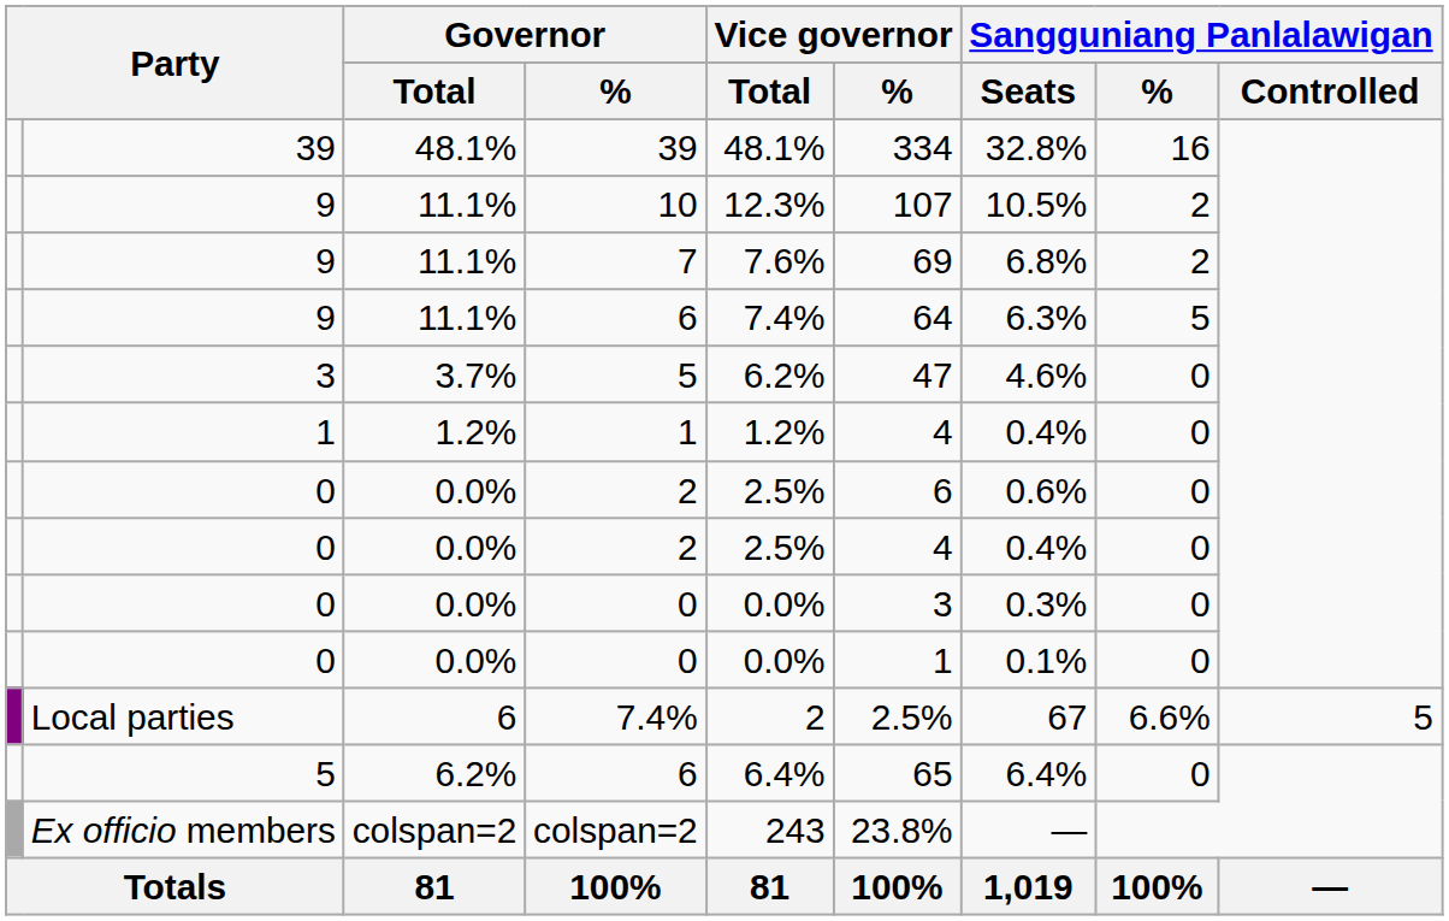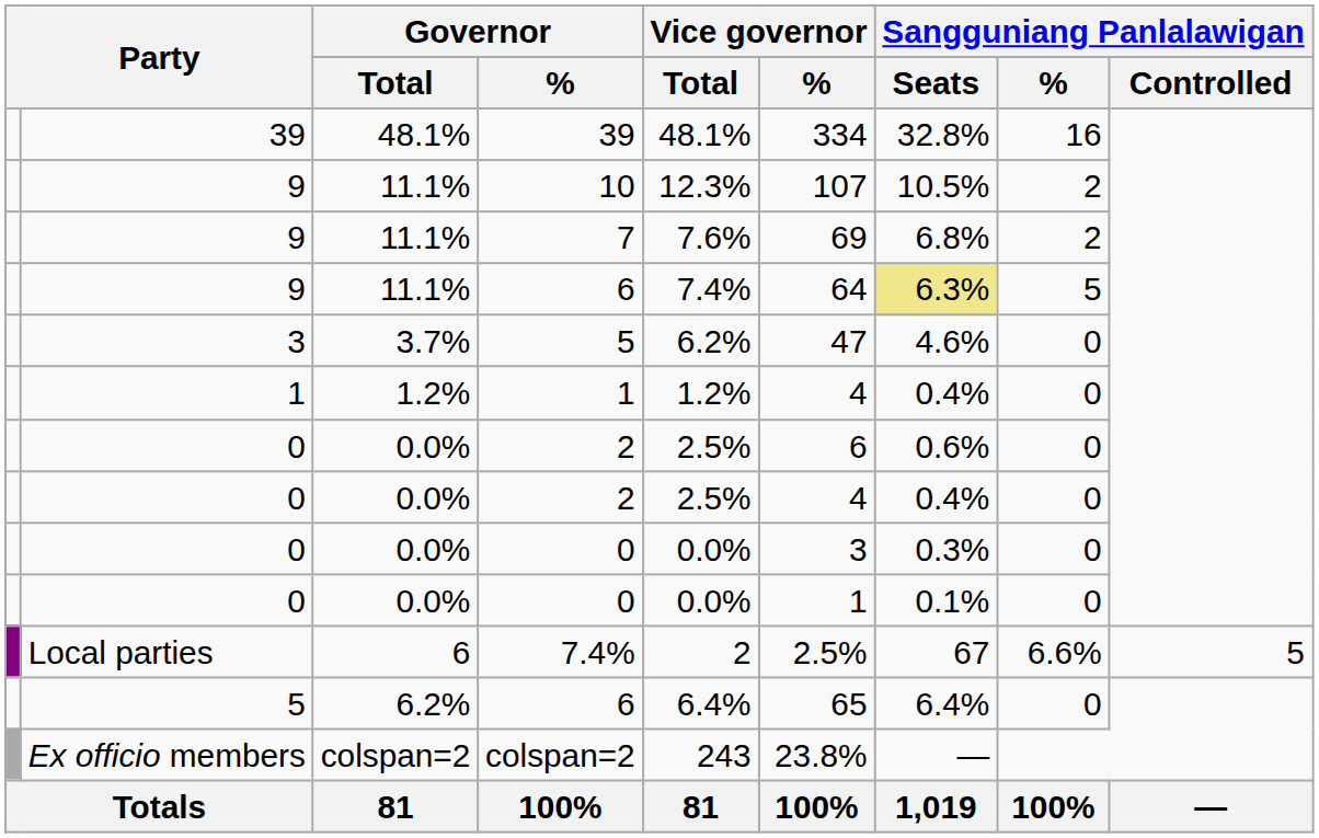 <table class=wikitable style="text-align:right; font-size:95%">
 <tr>
 <th rowspan=2 colspan=2>Party</th>
 <th colspan=2>Governor</th>
 <th colspan=2>Vice governor</th>
 <th colspan=3><a href='#'>Sangguniang Panlalawigan</a></th>
 </tr>
 <tr>
 <th>Total</th>
 <th>%</th>
 <th>Total</th>
 <th>%</th>
 <th>Seats</th>
 <th>%</th>
 <th>Controlled</th>
 </tr>
 <tr>
 <td></td>
 <td>39</td>
 <td>48.1%</td>
 <td>39</td>
 <td>48.1%</td>
 <td>334</td>
 <td>32.8%</td>
 <td>16</td>
 </tr>
 <tr>
 <td></td>
 <td>9</td>
 <td>11.1%</td>
 <td>10</td>
 <td>12.3%</td>
 <td>107</td>
 <td>10.5%</td>
 <td>2</td>
 </tr>
 <tr>
 <td></td>
 <td>9</td>
 <td>11.1%</td>
 <td>7</td>
 <td>7.6%</td>
 <td>69</td>
 <td>6.8%</td>
 <td>2</td>
 </tr>
 <tr>
 <td></td>
 <td>9</td>
 <td>11.1%</td>
 <td>6</td>
 <td>7.4%</td>
 <td>64</td>
-<td>6.3%</td>
+<td style="background: khaki;">6.3%</td>
 <td>5</td>
 </tr>
 <tr>
 <td></td>
 <td>3</td>
 <td>3.7%</td>
 <td>5</td>
 <td>6.2%</td>
 <td>47</td>
 <td>4.6%</td>
 <td>0</td>
 </tr>
 <tr>
 <td></td>
 <td>1</td>
 <td>1.2%</td>
 <td>1</td>
 <td>1.2%</td>
 <td>4</td>
 <td>0.4%</td>
 <td>0</td>
 </tr>
 <tr>
 <td></td>
 <td>0</td>
 <td>0.0%</td>
 <td>2</td>
 <td>2.5%</td>
 <td>6</td>
 <td>0.6%</td>
 <td>0</td>
 </tr>
 <tr>
 <td></td>
 <td>0</td>
 <td>0.0%</td>
 <td>2</td>
 <td>2.5%</td>
 <td>4</td>
 <td>0.4%</td>
 <td>0</td>
 </tr>
 <tr>
 <td></td>
 <td>0</td>
 <td>0.0%</td>
 <td>0</td>
 <td>0.0%</td>
 <td>3</td>
 <td>0.3%</td>
 <td>0</td>
 </tr>
 <tr>
 <td></td>
 <td>0</td>
 <td>0.0%</td>
 <td>0</td>
 <td>0.0%</td>
 <td>1</td>
 <td>0.1%</td>
 <td>0</td>
 </tr>
 <tr>
 <td bgcolor=purple></td>
 <td align="left">Local parties</td>
 <td>6</td>
 <td>7.4%</td>
 <td>2</td>
 <td>2.5%</td>
 <td>67</td>
 <td>6.6%</td>
 <td>5</td>
 </tr>
 <tr>
 <td></td>
 <td>5</td>
 <td>6.2%</td>
 <td>6</td>
 <td>6.4%</td>
 <td>65</td>
 <td>6.4%</td>
 <td>0</td>
 </tr>
 <tr>
 <td bgcolor=darkgray></td>
 <td align="left"><em>Ex officio</em> members</td>
 <td>colspan=2 </td>
 <td>colspan=2 </td>
 <td>243</td>
 <td>23.8%</td>
 <td>—</td>
 </tr>
 <tr>
 <th colspan=2>Totals</th>
 <th>81</th>
 <th>100%</th>
 <th>81</th>
 <th>100%</th>
 <th>1,019</th>
 <th>100%</th>
 <th>—</th>
 </tr>
 </table>
